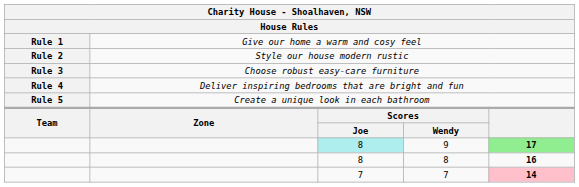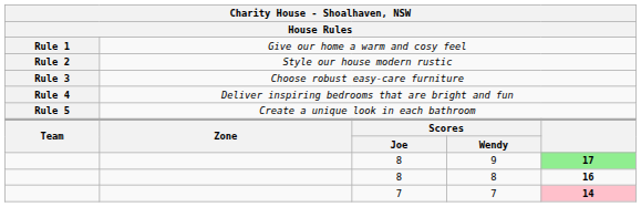 <table class="wikitable plainrowheaders" style="text-align:center; font-size:90%; width:65em;">
 <tr>
 <th colspan="5" >Charity House - Shoalhaven, NSW</th>
 </tr>
 <tr>
 <th colspan="5">House Rules</th>
 </tr>
 <tr>
 <th>Rule 1</th>
 <td colspan="5"><em>Give our home a warm and cosy feel</em></td>
 </tr>
 <tr>
 <th>Rule 2</th>
 <td colspan="5"><em>Style our house modern rustic</em></td>
 </tr>
 <tr>
 <th>Rule 3</th>
 <td colspan="5"><em>Choose robust easy-care furniture</em></td>
 </tr>
 <tr>
 <th>Rule 4</th>
 <td colspan="5"><em>Deliver inspiring bedrooms that are bright and fun</em></td>
 </tr>
 <tr>
 <th>Rule 5</th>
 <td colspan="5"><em>Create a unique look in each bathroom</em></td>
 </tr>
 <tr>
 </tr>
 <tr style="border-top:3px solid #aaa;">
 <th rowspan="2">Team</th>
 <th rowspan="2" style="width:40%;">Zone</th>
 <th colspan="2" style="width:30%;">Scores</th>
 <th rowspan="2" style="width:20%;"></th>
 </tr>
 <tr>
 <th style="width:15%;">Joe</th>
 <th style="width:15%;">Wendy</th>
 </tr>
 <tr>
 <td style="width:15%;"></td>
 <td></td>
-<td style="background: paleturquoise;">8</td>
+<td>8</td>
 <td>9</td>
 <td bgcolor="lightgreen"><strong>17</strong></td>
 </tr>
 <tr>
 <td style="width:15%;"></td>
 <td></td>
 <td>8</td>
 <td>8</td>
 <td><strong>16</strong></td>
 </tr>
 <tr>
 <td style="width:15%;"></td>
 <td></td>
 <td>7</td>
 <td>7</td>
 <td bgcolor="pink"><strong>14</strong></td>
 </tr>
 </table>
